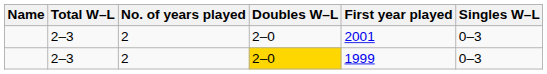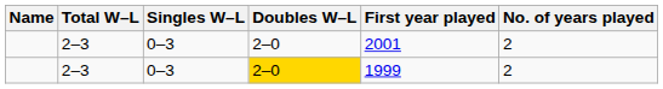 <table class="sortable wikitable">
 <tr>
 <th>Name</th>
 <th>Total W–L</th>
-<th>No. of years played</th>
+<th>Singles W–L</th>
 <th>Doubles W–L</th>
 <th>First year played</th>
-<th>Singles W–L</th>
+<th>No. of years played</th>
 </tr>
 <tr>
 <td></td>
 <td>2–3</td>
-<td>2</td>
+<td>0–3</td>
 <td>2–0</td>
 <td><a href='#'>2001</a></td>
-<td>0–3</td>
+<td>2</td>
 </tr>
 <tr>
 <td></td>
 <td>2–3</td>
-<td>2</td>
+<td>0–3</td>
 <td style="background: gold;">2–0</td>
 <td><a href='#'>1999</a></td>
-<td>0–3</td>
+<td>2</td>
 </tr>
 </table>
